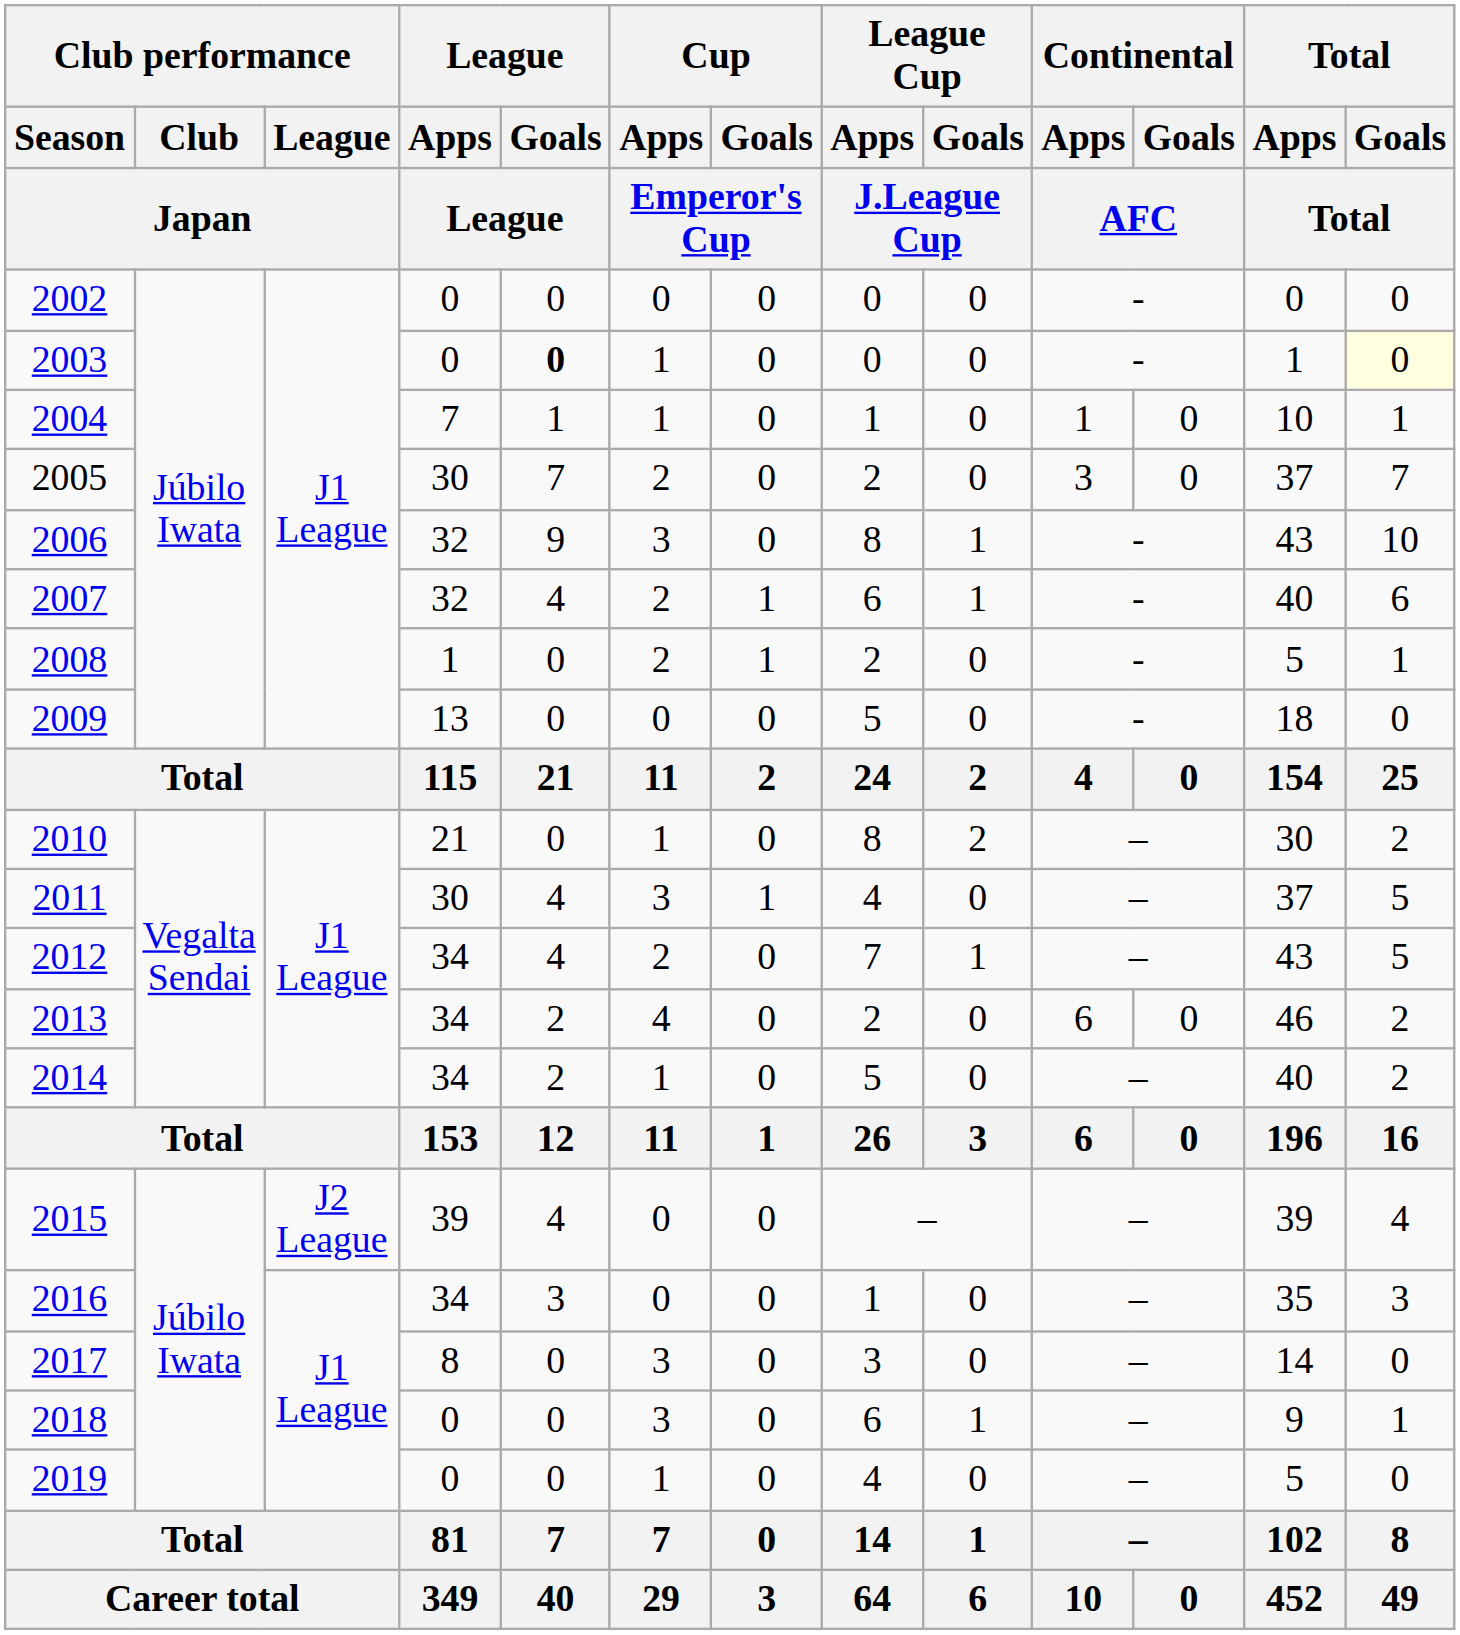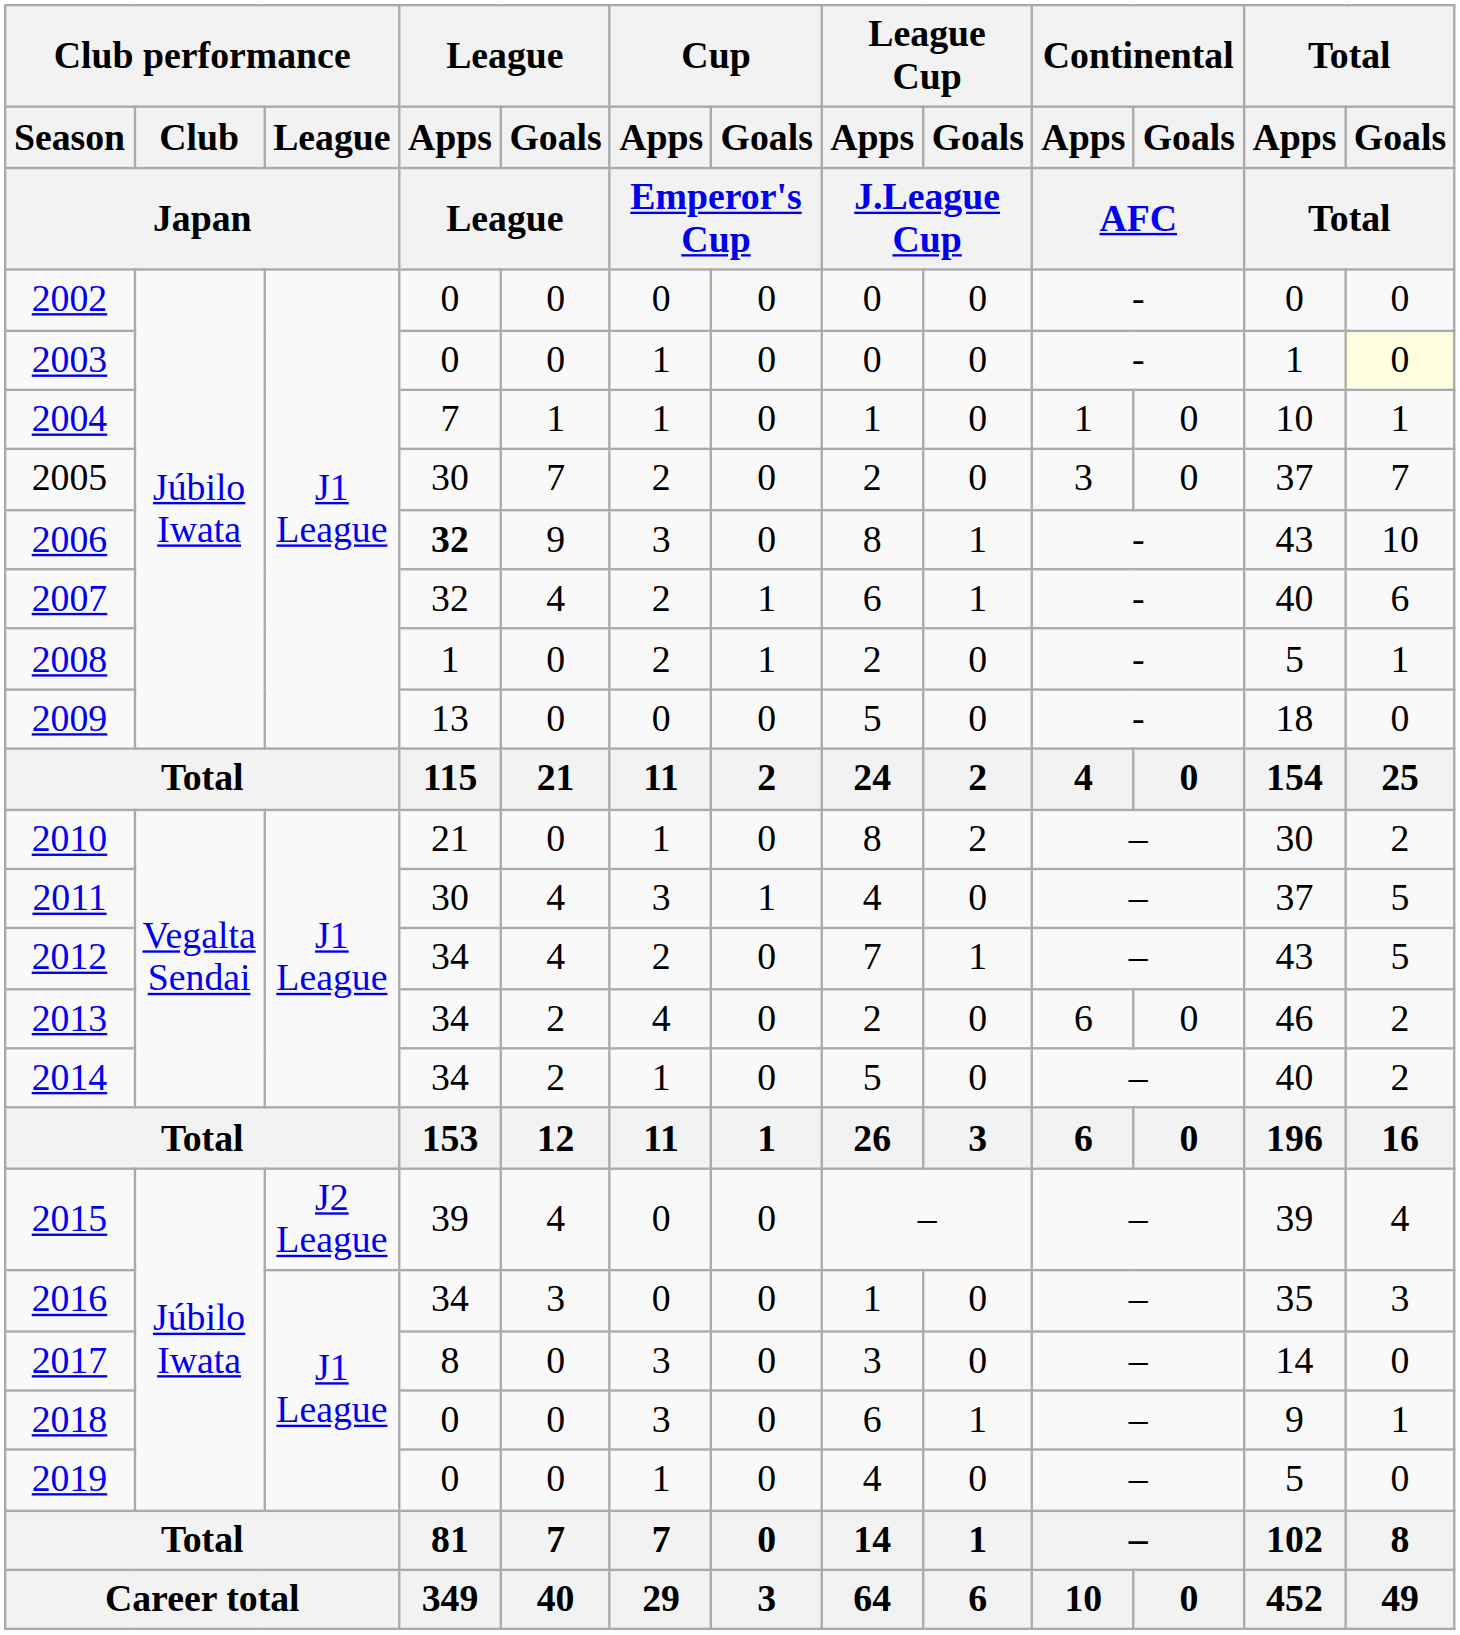 <table class="wikitable" style="text-align:center">
 <tr>
 <th colspan=3>Club performance</th>
 <th colspan=2>League</th>
 <th colspan=2>Cup</th>
 <th colspan=2>League Cup</th>
 <th colspan=2>Continental</th>
 <th colspan=2>Total</th>
 </tr>
 <tr>
 <th>Season</th>
 <th>Club</th>
 <th>League</th>
 <th>Apps</th>
 <th>Goals</th>
 <th>Apps</th>
 <th>Goals</th>
 <th>Apps</th>
 <th>Goals</th>
 <th>Apps</th>
 <th>Goals</th>
 <th>Apps</th>
 <th>Goals</th>
 </tr>
 <tr>
 <th colspan=3>Japan</th>
 <th colspan=2>League</th>
 <th colspan=2><a href='#'>Emperor's Cup</a></th>
 <th colspan=2><a href='#'>J.League Cup</a></th>
 <th colspan=2><a href='#'>AFC</a></th>
 <th colspan=2>Total</th>
 </tr>
 <tr>
 <td><a href='#'>2002</a></td>
 <td rowspan="8"><a href='#'>Júbilo Iwata</a></td>
 <td rowspan="8"><a href='#'>J1 League</a></td>
 <td>0</td>
 <td>0</td>
 <td>0</td>
 <td>0</td>
 <td>0</td>
 <td>0</td>
 <td colspan="2">-</td>
 <td>0</td>
 <td>0</td>
 </tr>
 <tr>
 <td><a href='#'>2003</a></td>
 <td>0</td>
-<td><strong>0</strong></td>
+<td>0</td>
 <td>1</td>
 <td>0</td>
 <td>0</td>
 <td>0</td>
 <td colspan="2">-</td>
 <td>1</td>
 <td style="background: lightyellow;">0</td>
 </tr>
 <tr>
 <td><a href='#'>2004</a></td>
 <td>7</td>
 <td>1</td>
 <td>1</td>
 <td>0</td>
 <td>1</td>
 <td>0</td>
 <td>1</td>
 <td>0</td>
 <td>10</td>
 <td>1</td>
 </tr>
 <tr>
 <td>2005</td>
 <td>30</td>
 <td>7</td>
 <td>2</td>
 <td>0</td>
 <td>2</td>
 <td>0</td>
 <td>3</td>
 <td>0</td>
 <td>37</td>
 <td>7</td>
 </tr>
 <tr>
 <td><a href='#'>2006</a></td>
-<td>32</td>
+<td><strong>32</strong></td>
 <td>9</td>
 <td>3</td>
 <td>0</td>
 <td>8</td>
 <td>1</td>
 <td colspan="2">-</td>
 <td>43</td>
 <td>10</td>
 </tr>
 <tr>
 <td><a href='#'>2007</a></td>
 <td>32</td>
 <td>4</td>
 <td>2</td>
 <td>1</td>
 <td>6</td>
 <td>1</td>
 <td colspan="2">-</td>
 <td>40</td>
 <td>6</td>
 </tr>
 <tr>
 <td><a href='#'>2008</a></td>
 <td>1</td>
 <td>0</td>
 <td>2</td>
 <td>1</td>
 <td>2</td>
 <td>0</td>
 <td colspan="2">-</td>
 <td>5</td>
 <td>1</td>
 </tr>
 <tr>
 <td><a href='#'>2009</a></td>
 <td>13</td>
 <td>0</td>
 <td>0</td>
 <td>0</td>
 <td>5</td>
 <td>0</td>
 <td colspan="2">-</td>
 <td>18</td>
 <td>0</td>
 </tr>
 <tr>
 <th colspan="3">Total</th>
 <th>115</th>
 <th>21</th>
 <th>11</th>
 <th>2</th>
 <th>24</th>
 <th>2</th>
 <th>4</th>
 <th>0</th>
 <th>154</th>
 <th>25</th>
 </tr>
 <tr>
 <td><a href='#'>2010</a></td>
 <td rowspan="5"><a href='#'>Vegalta Sendai</a></td>
 <td rowspan="5"><a href='#'>J1 League</a></td>
 <td>21</td>
 <td>0</td>
 <td>1</td>
 <td>0</td>
 <td>8</td>
 <td>2</td>
 <td colspan="2">–</td>
 <td>30</td>
 <td>2</td>
 </tr>
 <tr>
 <td><a href='#'>2011</a></td>
 <td>30</td>
 <td>4</td>
 <td>3</td>
 <td>1</td>
 <td>4</td>
 <td>0</td>
 <td colspan="2">–</td>
 <td>37</td>
 <td>5</td>
 </tr>
 <tr>
 <td><a href='#'>2012</a></td>
 <td>34</td>
 <td>4</td>
 <td>2</td>
 <td>0</td>
 <td>7</td>
 <td>1</td>
 <td colspan="2">–</td>
 <td>43</td>
 <td>5</td>
 </tr>
 <tr>
 <td><a href='#'>2013</a></td>
 <td>34</td>
 <td>2</td>
 <td>4</td>
 <td>0</td>
 <td>2</td>
 <td>0</td>
 <td>6</td>
 <td>0</td>
 <td>46</td>
 <td>2</td>
 </tr>
 <tr>
 <td><a href='#'>2014</a></td>
 <td>34</td>
 <td>2</td>
 <td>1</td>
 <td>0</td>
 <td>5</td>
 <td>0</td>
 <td colspan="2">–</td>
 <td>40</td>
 <td>2</td>
 </tr>
 <tr>
 <th colspan="3">Total</th>
 <th>153</th>
 <th>12</th>
 <th>11</th>
 <th>1</th>
 <th>26</th>
 <th>3</th>
 <th>6</th>
 <th>0</th>
 <th>196</th>
 <th>16</th>
 </tr>
 <tr>
 <td><a href='#'>2015</a></td>
 <td rowspan="5"><a href='#'>Júbilo Iwata</a></td>
 <td><a href='#'>J2 League</a></td>
 <td>39</td>
 <td>4</td>
 <td>0</td>
 <td>0</td>
 <td colspan="2">–</td>
 <td colspan="2">–</td>
 <td>39</td>
 <td>4</td>
 </tr>
 <tr>
 <td><a href='#'>2016</a></td>
 <td rowspan="4"><a href='#'>J1 League</a></td>
 <td>34</td>
 <td>3</td>
 <td>0</td>
 <td>0</td>
 <td>1</td>
 <td>0</td>
 <td colspan="2">–</td>
 <td>35</td>
 <td>3</td>
 </tr>
 <tr>
 <td><a href='#'>2017</a></td>
 <td>8</td>
 <td>0</td>
 <td>3</td>
 <td>0</td>
 <td>3</td>
 <td>0</td>
 <td colspan="2">–</td>
 <td>14</td>
 <td>0</td>
 </tr>
 <tr>
 <td><a href='#'>2018</a></td>
 <td>0</td>
 <td>0</td>
 <td>3</td>
 <td>0</td>
 <td>6</td>
 <td>1</td>
 <td colspan="2">–</td>
 <td>9</td>
 <td>1</td>
 </tr>
 <tr>
 <td><a href='#'>2019</a></td>
 <td>0</td>
 <td>0</td>
 <td>1</td>
 <td>0</td>
 <td>4</td>
 <td>0</td>
 <td colspan="2">–</td>
 <td>5</td>
 <td>0</td>
 </tr>
 <tr>
 <th colspan="3">Total</th>
 <th>81</th>
 <th>7</th>
 <th>7</th>
 <th>0</th>
 <th>14</th>
 <th>1</th>
 <th colspan="2">–</th>
 <th>102</th>
 <th>8</th>
 </tr>
 <tr>
 <th colspan=3>Career total</th>
 <th>349</th>
 <th>40</th>
 <th>29</th>
 <th>3</th>
 <th>64</th>
 <th>6</th>
 <th>10</th>
 <th>0</th>
 <th>452</th>
 <th>49</th>
 </tr>
 </table>
